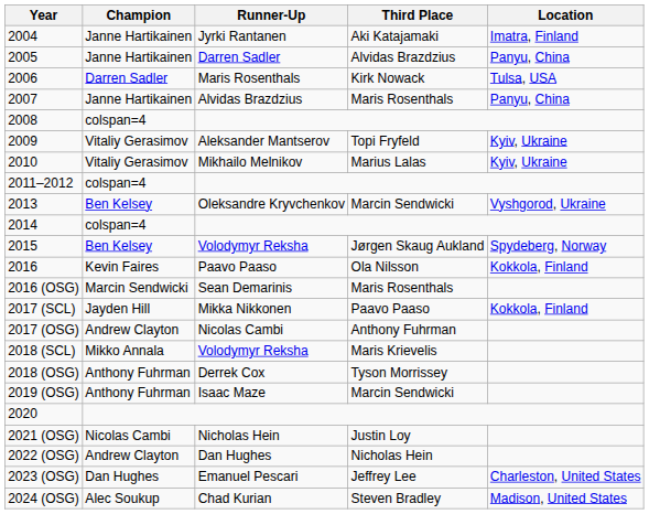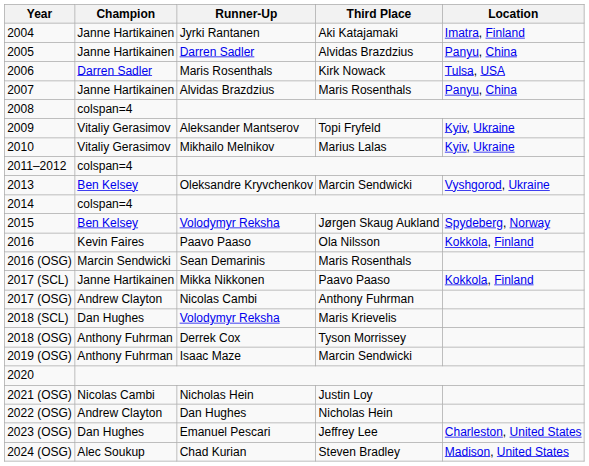 <table class="wikitable">
 <tr>
 <th>Year</th>
 <th>Champion</th>
 <th>Runner-Up</th>
 <th>Third Place</th>
 <th>Location</th>
 </tr>
 <tr>
 <td>2004</td>
 <td> Janne Hartikainen</td>
 <td> Jyrki Rantanen</td>
 <td> Aki Katajamaki</td>
 <td> <a href='#'>Imatra</a>, <a href='#'>Finland</a></td>
 </tr>
 <tr>
 <td>2005</td>
 <td> Janne Hartikainen</td>
 <td> <a href='#'>Darren Sadler</a></td>
 <td> Alvidas Brazdzius</td>
 <td> <a href='#'>Panyu</a>, <a href='#'>China</a></td>
 </tr>
 <tr>
 <td>2006</td>
 <td> <a href='#'>Darren Sadler</a></td>
 <td> Maris Rosenthals</td>
 <td> Kirk Nowack</td>
 <td> <a href='#'>Tulsa</a>, <a href='#'>USA</a></td>
 </tr>
 <tr>
 <td>2007</td>
 <td>  Janne Hartikainen</td>
 <td> Alvidas Brazdzius</td>
 <td> Maris Rosenthals</td>
 <td> <a href='#'>Panyu</a>, <a href='#'>China</a></td>
 </tr>
 <tr>
 <td>2008</td>
 <td>colspan=4 </td>
 </tr>
 <tr>
 <td>2009</td>
 <td> Vitaliy Gerasimov</td>
 <td> Aleksander Mantserov</td>
 <td> Topi Fryfeld</td>
 <td> <a href='#'>Kyiv</a>, <a href='#'>Ukraine</a></td>
 </tr>
 <tr>
 <td>2010</td>
 <td> Vitaliy Gerasimov</td>
 <td> Mikhailo Melnikov</td>
 <td> Marius Lalas</td>
 <td> <a href='#'>Kyiv</a>, <a href='#'>Ukraine</a></td>
 </tr>
 <tr>
 <td>2011–2012</td>
 <td>colspan=4 </td>
 </tr>
 <tr>
 <td>2013</td>
 <td> <a href='#'>Ben Kelsey</a></td>
 <td> Oleksandre Kryvchenkov</td>
 <td> Marcin Sendwicki</td>
 <td> <a href='#'>Vyshgorod</a>, <a href='#'>Ukraine</a></td>
 </tr>
 <tr>
 <td>2014</td>
 <td>colspan=4 </td>
 </tr>
 <tr>
 <td>2015</td>
 <td> <a href='#'>Ben Kelsey</a></td>
 <td> <a href='#'>Volodymyr Reksha</a></td>
 <td> Jørgen Skaug Aukland</td>
 <td> <a href='#'>Spydeberg</a>, <a href='#'>Norway</a></td>
 </tr>
 <tr>
 <td>2016</td>
 <td> Kevin Faires</td>
 <td> Paavo Paaso</td>
 <td> Ola Nilsson</td>
 <td> <a href='#'>Kokkola</a>, <a href='#'>Finland</a></td>
 </tr>
 <tr>
 <td>2016 (OSG)</td>
 <td> Marcin Sendwicki</td>
 <td> Sean Demarinis</td>
 <td> Maris Rosenthals</td>
 <td> </td>
 </tr>
 <tr>
 <td>2017 (SCL)</td>
-<td> Jayden Hill</td>
+<td> Janne Hartikainen</td>
 <td> Mikka Nikkonen</td>
 <td> Paavo Paaso</td>
 <td> <a href='#'>Kokkola</a>, <a href='#'>Finland</a></td>
 </tr>
 <tr>
 <td>2017 (OSG)</td>
 <td> Andrew Clayton</td>
 <td> Nicolas Cambi</td>
 <td> Anthony Fuhrman</td>
 <td> </td>
 </tr>
 <tr>
 <td>2018 (SCL)</td>
-<td> Mikko Annala</td>
+<td> Dan Hughes</td>
 <td> <a href='#'>Volodymyr Reksha</a></td>
 <td> Maris Krievelis</td>
 <td> </td>
 </tr>
 <tr>
 <td>2018 (OSG)</td>
 <td> Anthony Fuhrman</td>
 <td> Derrek Cox</td>
 <td> Tyson Morrissey</td>
 <td> </td>
 </tr>
 <tr>
 <td>2019 (OSG)</td>
 <td> Anthony Fuhrman</td>
 <td> Isaac Maze</td>
 <td> Marcin Sendwicki</td>
 <td> </td>
 </tr>
 <tr>
 <td>2020</td>
 <td colspan="4"></td>
 </tr>
 <tr>
 <td>2021 (OSG)</td>
 <td> Nicolas Cambi</td>
 <td> Nicholas Hein</td>
 <td> Justin Loy</td>
 <td> </td>
 </tr>
 <tr>
 <td>2022 (OSG)</td>
 <td> Andrew Clayton</td>
 <td> Dan Hughes</td>
 <td> Nicholas Hein</td>
 <td> </td>
 </tr>
 <tr>
 <td>2023 (OSG)</td>
 <td> Dan Hughes</td>
 <td> Emanuel Pescari</td>
 <td> Jeffrey Lee</td>
 <td> <a href='#'>Charleston</a>, <a href='#'>United States</a></td>
 </tr>
 <tr>
 <td>2024 (OSG)</td>
 <td> Alec Soukup</td>
 <td> Chad Kurian</td>
 <td> Steven Bradley</td>
 <td> <a href='#'>Madison</a>, <a href='#'>United States</a></td>
 </tr>
 </table>
